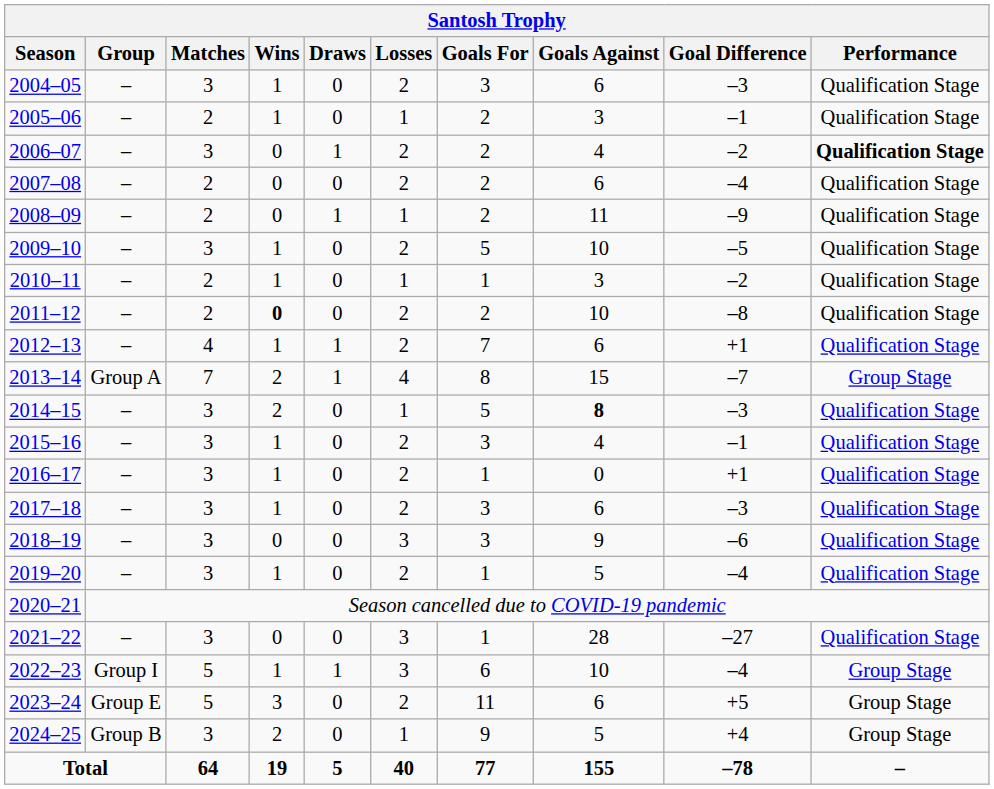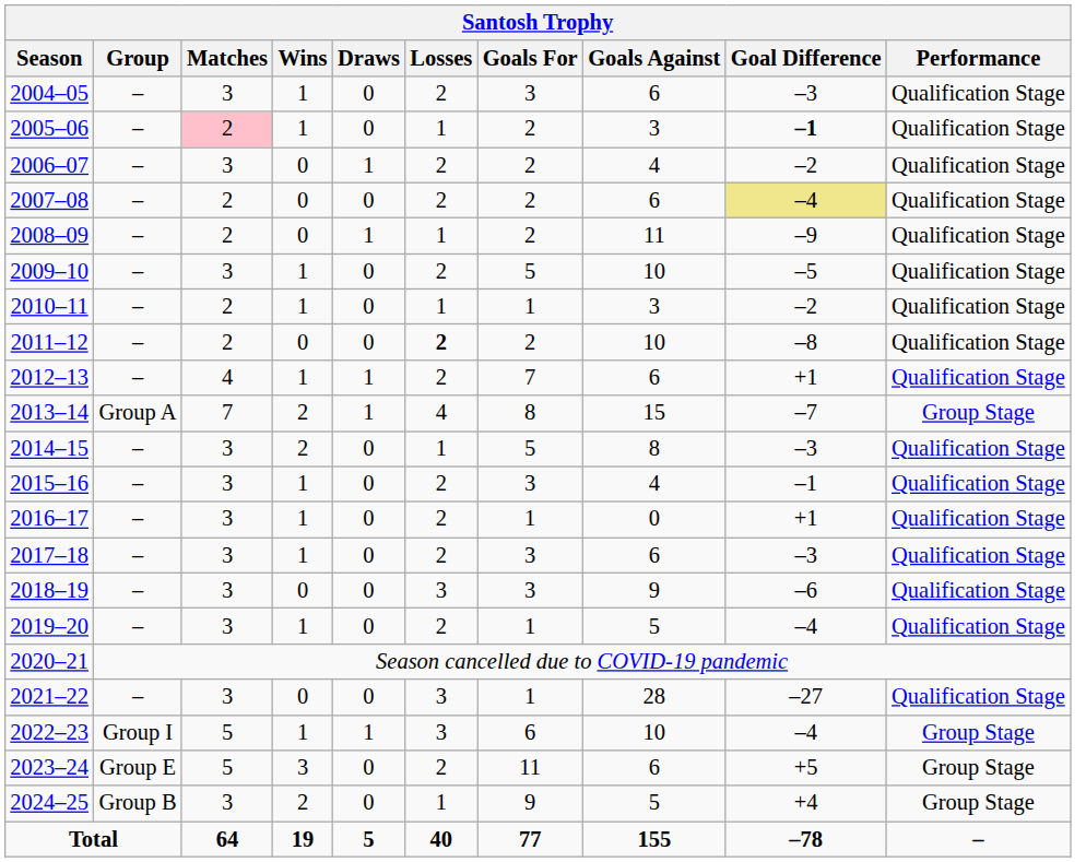 <table class="wikitable sortable" style="text-align:center">
 <tr>
 <th colspan="10"><a href='#'>Santosh Trophy</a></th>
 </tr>
 <tr>
 <th>Season</th>
 <th>Group</th>
 <th>Matches</th>
 <th>Wins</th>
 <th>Draws</th>
 <th>Losses</th>
 <th>Goals For</th>
 <th>Goals Against</th>
 <th>Goal Difference</th>
 <th>Performance</th>
 </tr>
 <tr>
 <td><a href='#'>2004–05</a></td>
 <td>–</td>
 <td>3</td>
 <td>1</td>
 <td>0</td>
 <td>2</td>
 <td>3</td>
 <td>6</td>
 <td>–3</td>
 <td>Qualification Stage</td>
 </tr>
 <tr>
 <td><a href='#'>2005–06</a></td>
 <td>–</td>
-<td>2</td>
+<td style="background: pink;">2</td>
 <td>1</td>
 <td>0</td>
 <td>1</td>
 <td>2</td>
 <td>3</td>
-<td>–1</td>
+<td><strong>–1</strong></td>
 <td>Qualification Stage</td>
 </tr>
 <tr>
 <td><a href='#'>2006–07</a></td>
 <td>–</td>
 <td>3</td>
 <td>0</td>
 <td>1</td>
 <td>2</td>
 <td>2</td>
 <td>4</td>
 <td>–2</td>
-<td><strong>Qualification Stage</strong></td>
+<td>Qualification Stage</td>
 </tr>
 <tr>
 <td><a href='#'>2007–08</a></td>
 <td>–</td>
 <td>2</td>
 <td>0</td>
 <td>0</td>
 <td>2</td>
 <td>2</td>
 <td>6</td>
-<td>–4</td>
+<td style="background: khaki;">–4</td>
 <td>Qualification Stage</td>
 </tr>
 <tr>
 <td><a href='#'>2008–09</a></td>
 <td>–</td>
 <td>2</td>
 <td>0</td>
 <td>1</td>
 <td>1</td>
 <td>2</td>
 <td>11</td>
 <td>–9</td>
 <td>Qualification Stage</td>
 </tr>
 <tr>
 <td><a href='#'>2009–10</a></td>
 <td>–</td>
 <td>3</td>
 <td>1</td>
 <td>0</td>
 <td>2</td>
 <td>5</td>
 <td>10</td>
 <td>–5</td>
 <td>Qualification Stage</td>
 </tr>
 <tr>
 <td><a href='#'>2010–11</a></td>
 <td>–</td>
 <td>2</td>
 <td>1</td>
 <td>0</td>
 <td>1</td>
 <td>1</td>
 <td>3</td>
 <td>–2</td>
 <td>Qualification Stage</td>
 </tr>
 <tr>
 <td><a href='#'>2011–12</a></td>
 <td>–</td>
 <td>2</td>
-<td><strong>0</strong></td>
 <td>0</td>
-<td>2</td>
+<td>0</td>
+<td><strong>2</strong></td>
 <td>2</td>
 <td>10</td>
 <td>–8</td>
 <td>Qualification Stage</td>
 </tr>
 <tr>
 <td><a href='#'>2012–13</a></td>
 <td>–</td>
 <td>4</td>
 <td>1</td>
 <td>1</td>
 <td>2</td>
 <td>7</td>
 <td>6</td>
 <td>+1</td>
 <td><a href='#'>Qualification Stage</a></td>
 </tr>
 <tr>
 <td><a href='#'>2013–14</a></td>
 <td>Group A</td>
 <td>7</td>
 <td>2</td>
 <td>1</td>
 <td>4</td>
 <td>8</td>
 <td>15</td>
 <td>–7</td>
 <td><a href='#'>Group Stage</a></td>
 </tr>
 <tr>
 <td><a href='#'>2014–15</a></td>
 <td>–</td>
 <td>3</td>
 <td>2</td>
 <td>0</td>
 <td>1</td>
 <td>5</td>
-<td><strong>8</strong></td>
+<td>8</td>
 <td>–3</td>
 <td><a href='#'>Qualification Stage</a></td>
 </tr>
 <tr>
 <td><a href='#'>2015–16</a></td>
 <td>–</td>
 <td>3</td>
 <td>1</td>
 <td>0</td>
 <td>2</td>
 <td>3</td>
 <td>4</td>
 <td>–1</td>
 <td><a href='#'>Qualification Stage</a></td>
 </tr>
 <tr>
 <td><a href='#'>2016–17</a></td>
 <td>–</td>
 <td>3</td>
 <td>1</td>
 <td>0</td>
 <td>2</td>
 <td>1</td>
 <td>0</td>
 <td>+1</td>
 <td><a href='#'>Qualification Stage</a></td>
 </tr>
 <tr>
 <td><a href='#'>2017–18</a></td>
 <td>–</td>
 <td>3</td>
 <td>1</td>
 <td>0</td>
 <td>2</td>
 <td>3</td>
 <td>6</td>
 <td>–3</td>
 <td><a href='#'>Qualification Stage</a></td>
 </tr>
 <tr>
 <td><a href='#'>2018–19</a></td>
 <td>–</td>
 <td>3</td>
 <td>0</td>
 <td>0</td>
 <td>3</td>
 <td>3</td>
 <td>9</td>
 <td>–6</td>
 <td><a href='#'>Qualification Stage</a></td>
 </tr>
 <tr>
 <td><a href='#'>2019–20</a></td>
 <td>–</td>
 <td>3</td>
 <td>1</td>
 <td>0</td>
 <td>2</td>
 <td>1</td>
 <td>5</td>
 <td>–4</td>
 <td><a href='#'>Qualification Stage</a></td>
 </tr>
 <tr>
 <td><a href='#'>2020–21</a></td>
 <td colspan="9"><em>Season cancelled due to <a href='#'>COVID-19 pandemic</a></em></td>
 </tr>
 <tr>
 <td><a href='#'>2021–22</a></td>
 <td>–</td>
 <td>3</td>
 <td>0</td>
 <td>0</td>
 <td>3</td>
 <td>1</td>
 <td>28</td>
 <td>–27</td>
 <td><a href='#'>Qualification Stage</a></td>
 </tr>
 <tr>
 <td><a href='#'>2022–23</a></td>
 <td>Group I</td>
 <td>5</td>
 <td>1</td>
 <td>1</td>
 <td>3</td>
 <td>6</td>
 <td>10</td>
 <td>–4</td>
 <td><a href='#'>Group Stage</a></td>
 </tr>
 <tr>
 <td><a href='#'>2023–24</a></td>
 <td>Group E</td>
 <td>5</td>
 <td>3</td>
 <td>0</td>
 <td>2</td>
 <td>11</td>
 <td>6</td>
 <td>+5</td>
 <td>Group Stage</td>
 </tr>
 <tr>
 <td><a href='#'>2024–25</a></td>
 <td>Group B</td>
 <td>3</td>
 <td>2</td>
 <td>0</td>
 <td>1</td>
 <td>9</td>
 <td>5</td>
 <td>+4</td>
 <td>Group Stage</td>
 </tr>
 <tr>
 <td colspan="2"><strong>Total</strong></td>
 <td><strong>64</strong></td>
 <td><strong>19</strong></td>
 <td><strong>5</strong></td>
 <td><strong>40</strong></td>
 <td><strong>77</strong></td>
 <td><strong>155</strong></td>
 <td><strong>–78</strong></td>
 <td><strong>–</strong></td>
 </tr>
 </table>
